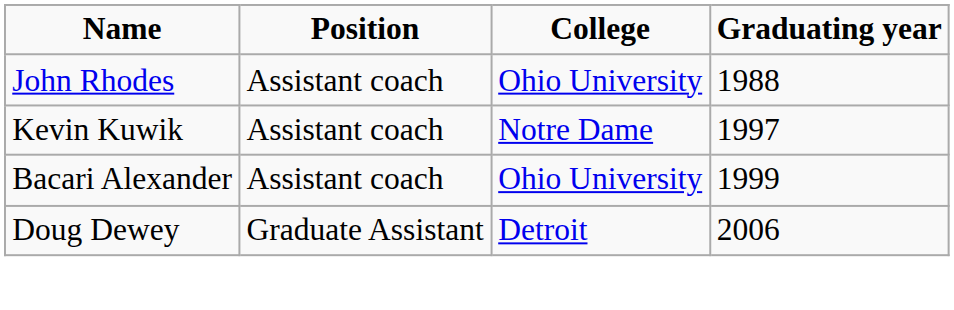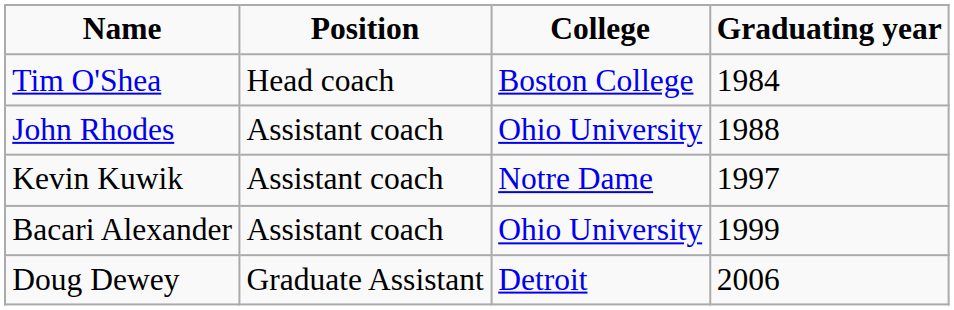 <table class="wikitable">
 <tr>
 <td align=center><span> <strong>Name</strong></span></td>
 <td align=center><span> <strong>Position</strong></span></td>
 <td align=center><span> <strong>College</strong></span></td>
 <td align=center><span> <strong>Graduating year</strong></span></td>
+</tr>
+<tr>
+<td><a href='#'>Tim O'Shea</a></td>
+<td>Head coach</td>
+<td><a href='#'>Boston College</a></td>
+<td>1984</td>
 </tr>
 <tr>
 <td><a href='#'>John Rhodes</a></td>
 <td>Assistant coach</td>
 <td><a href='#'>Ohio University</a></td>
 <td>1988</td>
 </tr>
 <tr>
 <td>Kevin Kuwik</td>
 <td>Assistant coach</td>
 <td><a href='#'>Notre Dame</a></td>
 <td>1997</td>
 </tr>
 <tr>
 <td>Bacari Alexander</td>
 <td>Assistant coach</td>
 <td><a href='#'>Ohio University</a></td>
 <td>1999</td>
 </tr>
 <tr>
 <td>Doug Dewey</td>
 <td>Graduate Assistant</td>
 <td><a href='#'>Detroit</a></td>
 <td>2006</td>
 </tr>
 </table>
